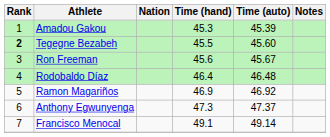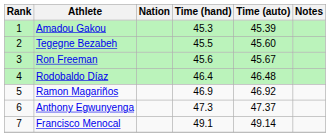 <table class="wikitable sortable" style="text-align:center">
 <tr>
 <th>Rank</th>
 <th>Athlete</th>
 <th>Nation</th>
 <th>Time (hand)</th>
 <th>Time (auto)</th>
 <th>Notes</th>
 </tr>
 <tr bgcolor=bbf3bb>
 <td>1</td>
 <td align=left><a href='#'>Amadou Gakou</a></td>
 <td align=left></td>
 <td>45.3</td>
 <td>45.39</td>
 <td></td>
 </tr>
 <tr bgcolor=bbf3bb>
-<td><strong>2</strong></td>
+<td>2</td>
 <td align=left><a href='#'>Tegegne Bezabeh</a></td>
 <td align=left></td>
 <td>45.5</td>
 <td>45.60</td>
 <td></td>
 </tr>
 <tr bgcolor=bbf3bb>
 <td>3</td>
 <td align=left><a href='#'>Ron Freeman</a></td>
 <td align=left></td>
 <td>45.6</td>
 <td>45.67</td>
 <td></td>
 </tr>
 <tr bgcolor=bbf3bb>
 <td>4</td>
 <td align=left><a href='#'>Rodobaldo Díaz</a></td>
 <td align=left></td>
 <td>46.4</td>
 <td>46.48</td>
 <td></td>
 </tr>
 <tr>
 <td>5</td>
 <td align=left><a href='#'>Ramon Magariños</a></td>
 <td align=left></td>
 <td>46.9</td>
 <td>46.92</td>
 <td></td>
 </tr>
 <tr>
 <td>6</td>
 <td align=left><a href='#'>Anthony Egwunyenga</a></td>
 <td align=left></td>
 <td>47.3</td>
 <td>47.37</td>
 <td></td>
 </tr>
 <tr>
 <td>7</td>
 <td align=left><a href='#'>Francisco Menocal</a></td>
 <td align=left></td>
 <td>49.1</td>
 <td>49.14</td>
 <td></td>
 </tr>
 <tr>
 </tr>
 </table>
